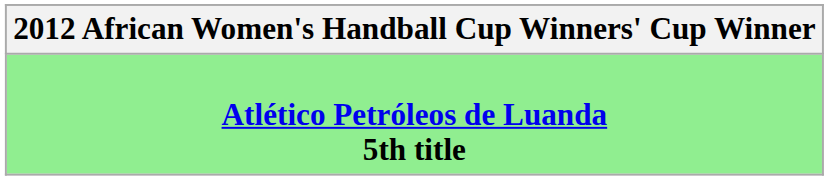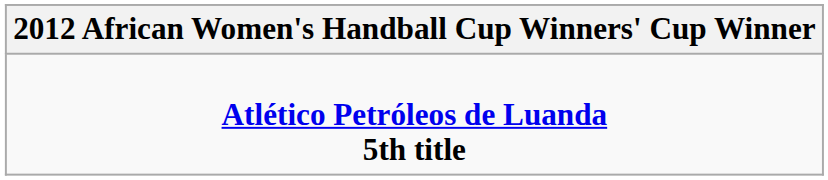 <table class=wikitable style="text-align:center; margin:auto">
 <tr>
 <th>2012 African Women's Handball Cup Winners' Cup Winner</th>
 </tr>
 <tr>
-<td style="background: lightgreen;"><br><strong><a href='#'>Atlético Petróleos de Luanda</a></strong><br><strong>5th title</strong></td>
+<td><br><strong><a href='#'>Atlético Petróleos de Luanda</a></strong><br><strong>5th title</strong></td>
 </tr>
 </table>
